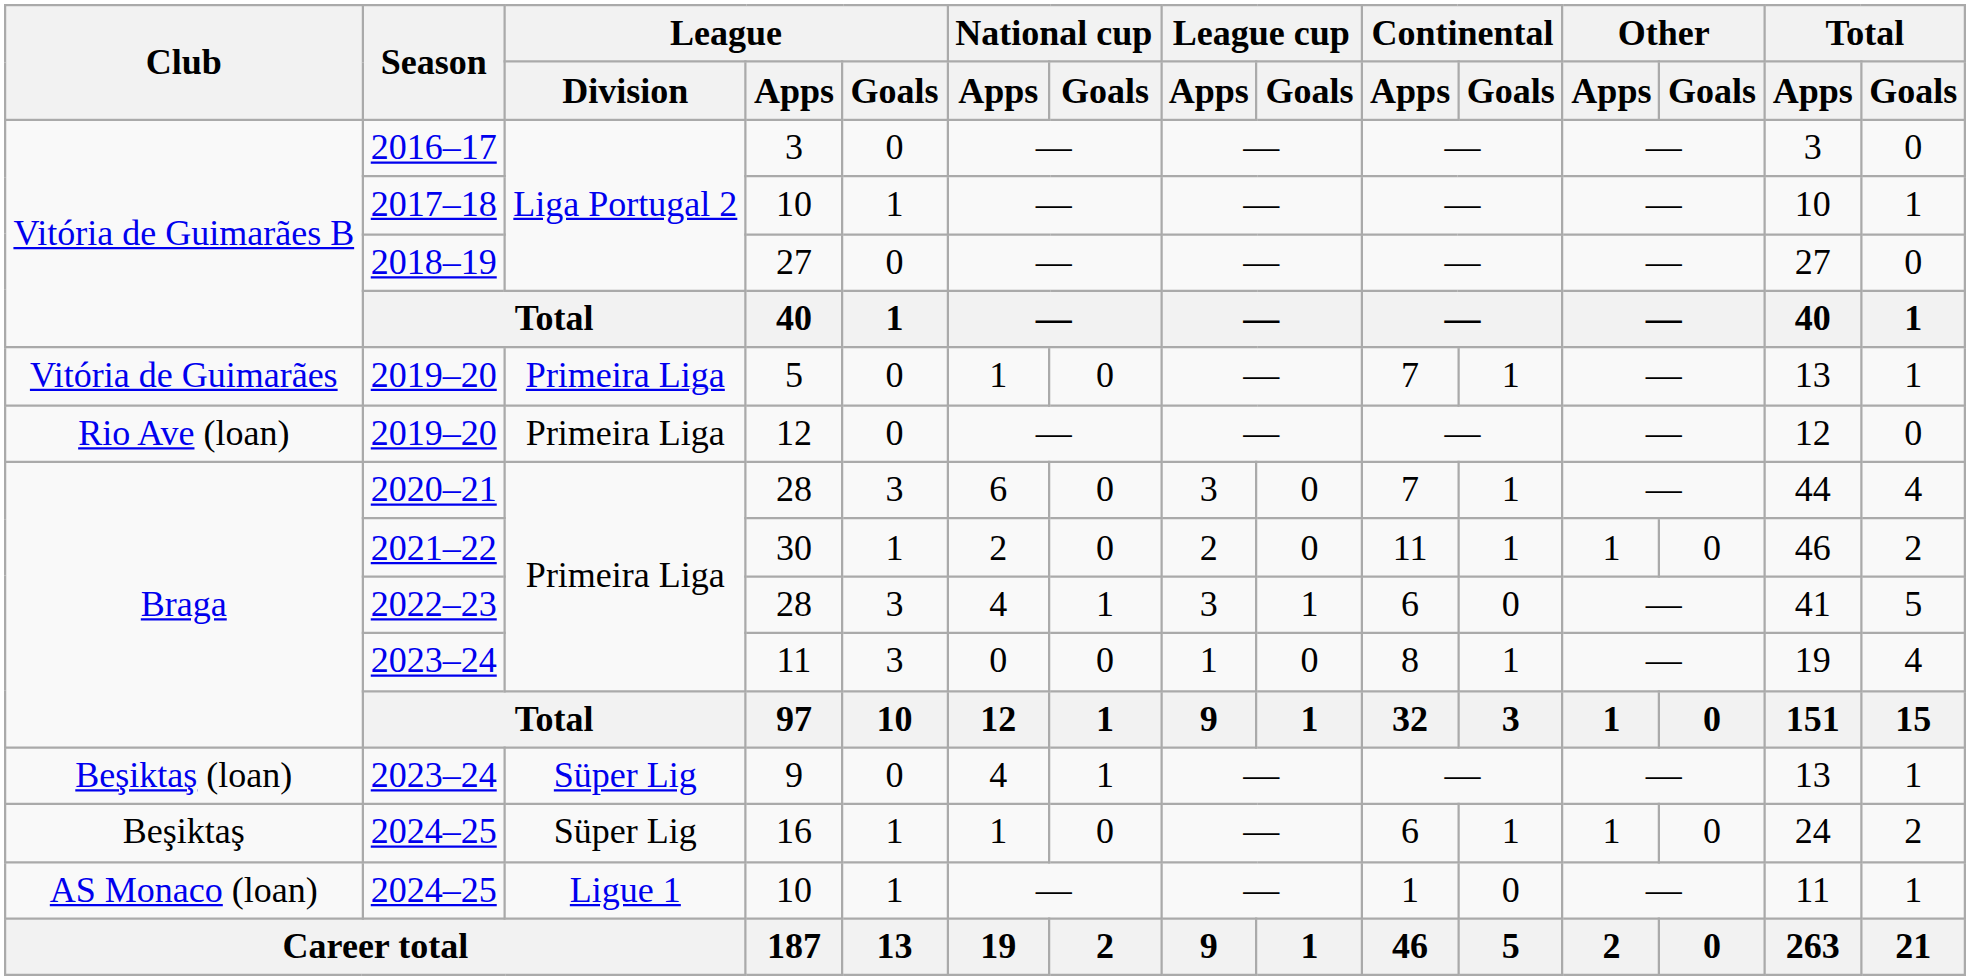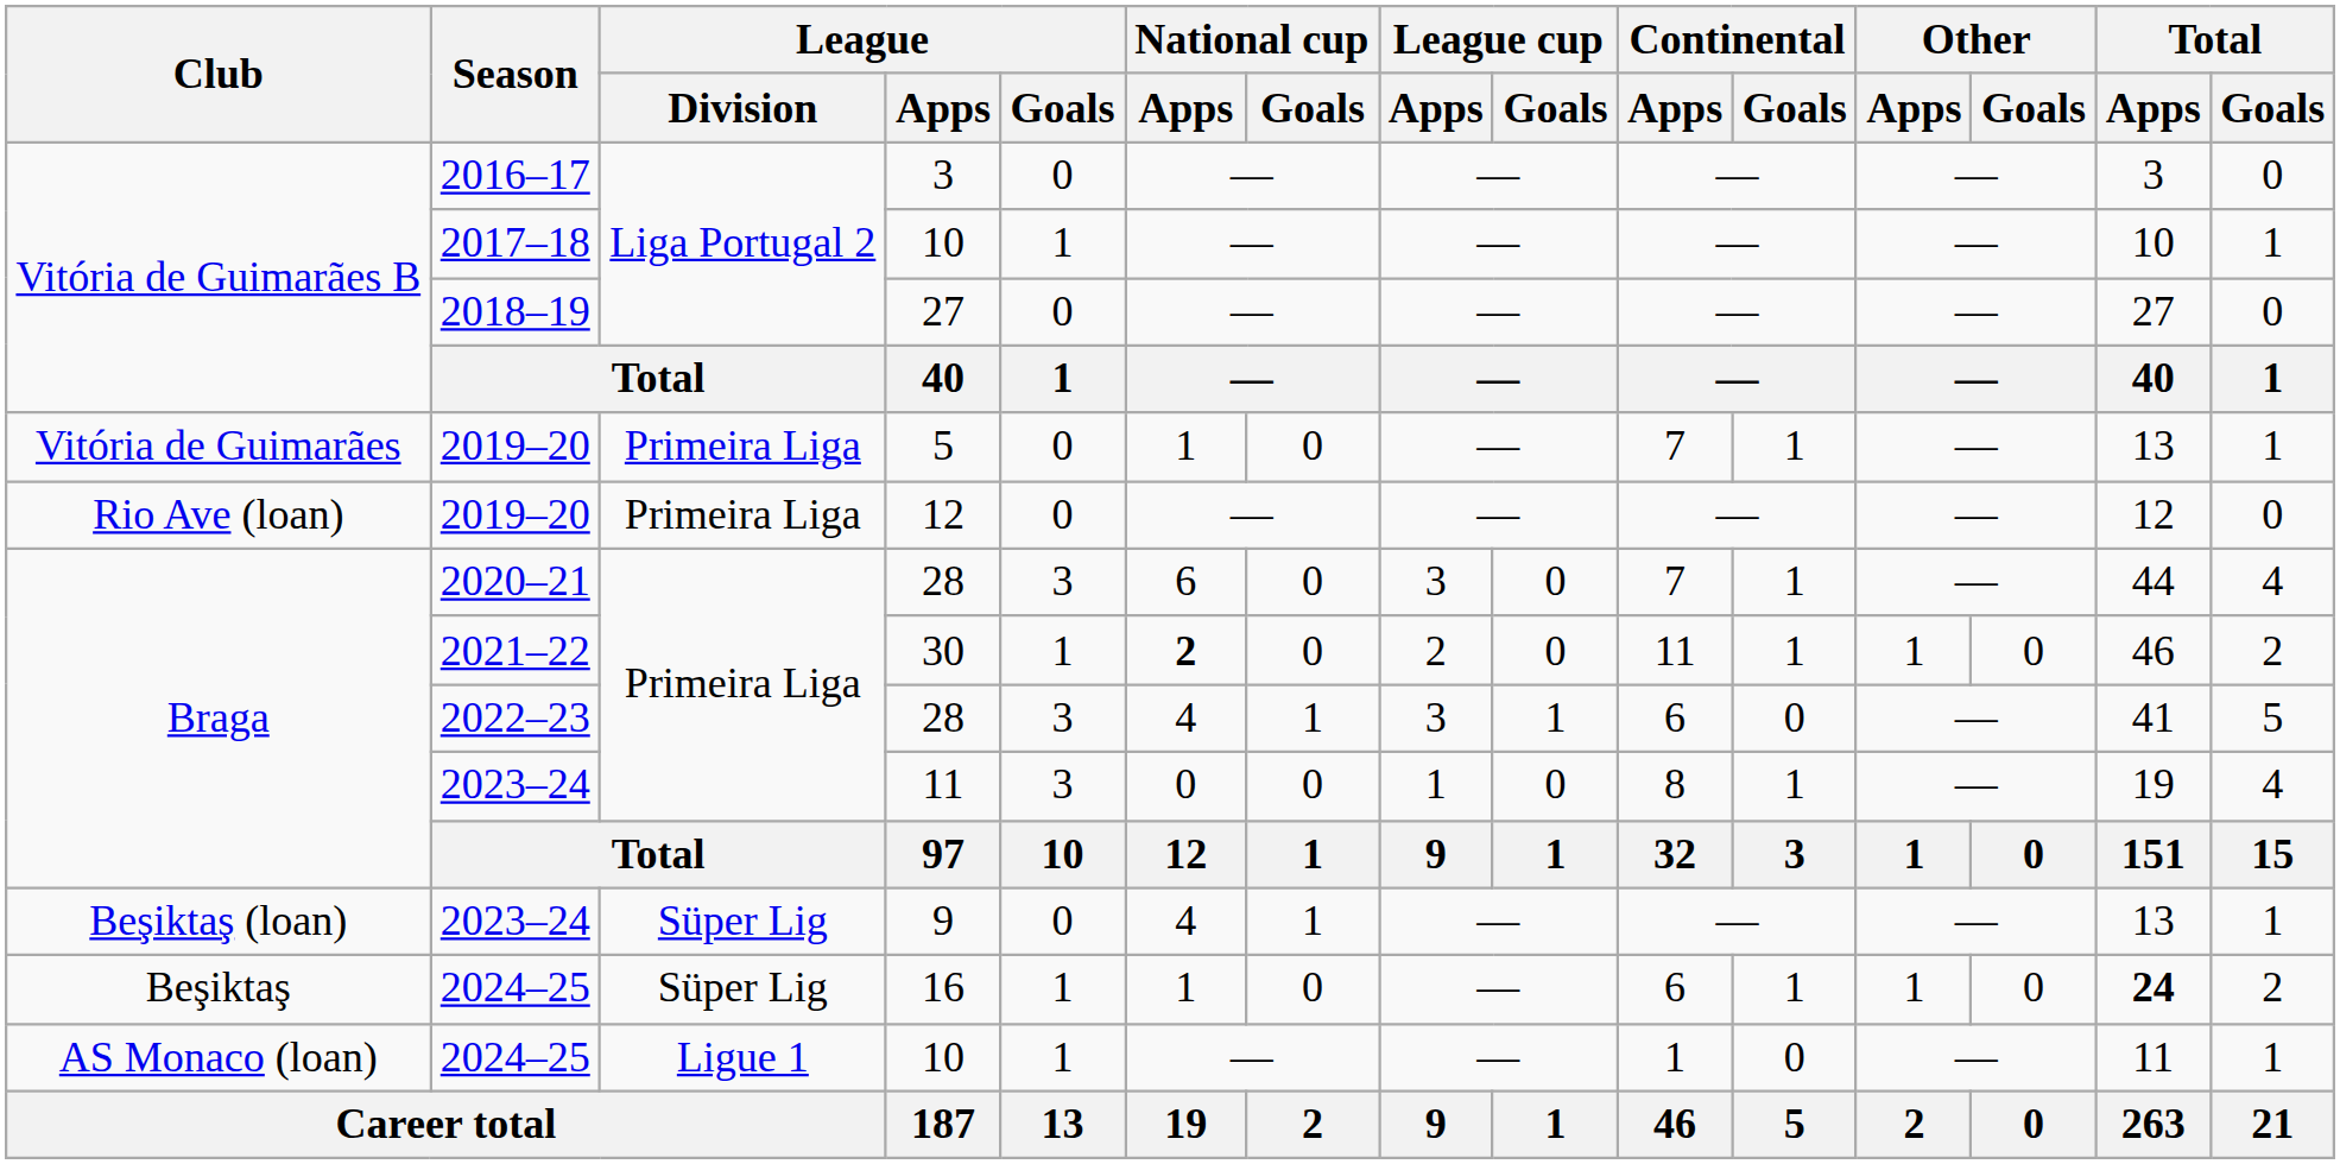 <table class="wikitable" style="text-align: center;">
 <tr>
 <th rowspan="2">Club</th>
 <th rowspan="2">Season</th>
 <th colspan="3">League</th>
 <th colspan="2">National cup</th>
 <th colspan="2">League cup</th>
 <th colspan="2">Continental</th>
 <th colspan="2">Other</th>
 <th colspan="2">Total</th>
 </tr>
 <tr>
 <th>Division</th>
 <th>Apps</th>
 <th>Goals</th>
 <th>Apps</th>
 <th>Goals</th>
 <th>Apps</th>
 <th>Goals</th>
 <th>Apps</th>
 <th>Goals</th>
 <th>Apps</th>
 <th>Goals</th>
 <th>Apps</th>
 <th>Goals</th>
 </tr>
 <tr>
 <td rowspan="4"><a href='#'>Vitória de Guimarães B</a></td>
 <td><a href='#'>2016–17</a></td>
 <td rowspan="3"><a href='#'>Liga Portugal 2</a></td>
 <td>3</td>
 <td>0</td>
 <td colspan="2">—</td>
 <td colspan="2">—</td>
 <td colspan="2">—</td>
 <td colspan="2">—</td>
 <td>3</td>
 <td>0</td>
 </tr>
 <tr>
 <td><a href='#'>2017–18</a></td>
 <td>10</td>
 <td>1</td>
 <td colspan="2">—</td>
 <td colspan="2">—</td>
 <td colspan="2">—</td>
 <td colspan="2">—</td>
 <td>10</td>
 <td>1</td>
 </tr>
 <tr>
 <td><a href='#'>2018–19</a></td>
 <td>27</td>
 <td>0</td>
 <td colspan="2">—</td>
 <td colspan="2">—</td>
 <td colspan="2">—</td>
 <td colspan="2">—</td>
 <td>27</td>
 <td>0</td>
 </tr>
 <tr>
 <th colspan="2">Total</th>
 <th>40</th>
 <th>1</th>
 <th colspan="2">—</th>
 <th colspan="2">—</th>
 <th colspan="2">—</th>
 <th colspan="2">—</th>
 <th>40</th>
 <th>1</th>
 </tr>
 <tr>
 <td><a href='#'>Vitória de Guimarães</a></td>
 <td><a href='#'>2019–20</a></td>
 <td><a href='#'>Primeira Liga</a></td>
 <td>5</td>
 <td>0</td>
 <td>1</td>
 <td>0</td>
 <td colspan="2">—</td>
 <td>7</td>
 <td>1</td>
 <td colspan="2">—</td>
 <td>13</td>
 <td>1</td>
 </tr>
 <tr>
 <td><a href='#'>Rio Ave</a> (loan)</td>
 <td><a href='#'>2019–20</a></td>
 <td>Primeira Liga</td>
 <td>12</td>
 <td>0</td>
 <td colspan="2">—</td>
 <td colspan="2">—</td>
 <td colspan="2">—</td>
 <td colspan="2">—</td>
 <td>12</td>
 <td>0</td>
 </tr>
 <tr>
 <td rowspan="5"><a href='#'>Braga</a></td>
 <td><a href='#'>2020–21</a></td>
 <td rowspan="4">Primeira Liga</td>
 <td>28</td>
 <td>3</td>
 <td>6</td>
 <td>0</td>
 <td>3</td>
 <td>0</td>
 <td>7</td>
 <td>1</td>
 <td colspan="2">—</td>
 <td>44</td>
 <td>4</td>
 </tr>
 <tr>
 <td><a href='#'>2021–22</a></td>
 <td>30</td>
 <td>1</td>
-<td>2</td>
+<td><strong>2</strong></td>
 <td>0</td>
 <td>2</td>
 <td>0</td>
 <td>11</td>
 <td>1</td>
 <td>1</td>
 <td>0</td>
 <td>46</td>
 <td>2</td>
 </tr>
 <tr>
 <td><a href='#'>2022–23</a></td>
 <td>28</td>
 <td>3</td>
 <td>4</td>
 <td>1</td>
 <td>3</td>
 <td>1</td>
 <td>6</td>
 <td>0</td>
 <td colspan="2">—</td>
 <td>41</td>
 <td>5</td>
 </tr>
 <tr>
 <td><a href='#'>2023–24</a></td>
 <td>11</td>
 <td>3</td>
 <td>0</td>
 <td>0</td>
 <td>1</td>
 <td>0</td>
 <td>8</td>
 <td>1</td>
 <td colspan="2">—</td>
 <td>19</td>
 <td>4</td>
 </tr>
 <tr>
 <th colspan="2">Total</th>
 <th>97</th>
 <th>10</th>
 <th>12</th>
 <th>1</th>
 <th>9</th>
 <th>1</th>
 <th>32</th>
 <th>3</th>
 <th>1</th>
 <th>0</th>
 <th>151</th>
 <th>15</th>
 </tr>
 <tr>
 <td><a href='#'>Beşiktaş</a> (loan)</td>
 <td><a href='#'>2023–24</a></td>
 <td><a href='#'>Süper Lig</a></td>
 <td>9</td>
 <td>0</td>
 <td>4</td>
 <td>1</td>
 <td colspan="2">—</td>
 <td colspan="2">—</td>
 <td colspan="2">—</td>
 <td>13</td>
 <td>1</td>
 </tr>
 <tr>
 <td>Beşiktaş</td>
 <td><a href='#'>2024–25</a></td>
 <td>Süper Lig</td>
 <td>16</td>
 <td>1</td>
 <td>1</td>
 <td>0</td>
 <td colspan="2">—</td>
 <td>6</td>
 <td>1</td>
 <td>1</td>
 <td>0</td>
-<td>24</td>
+<td><strong>24</strong></td>
 <td>2</td>
 </tr>
 <tr>
 <td><a href='#'>AS Monaco</a> (loan)</td>
 <td><a href='#'>2024–25</a></td>
 <td><a href='#'>Ligue 1</a></td>
 <td>10</td>
 <td>1</td>
 <td colspan="2">—</td>
 <td colspan="2">—</td>
 <td>1</td>
 <td>0</td>
 <td colspan="2">—</td>
 <td>11</td>
 <td>1</td>
 </tr>
 <tr>
 <th colspan="3">Career total</th>
 <th>187</th>
 <th>13</th>
 <th>19</th>
 <th>2</th>
 <th>9</th>
 <th>1</th>
 <th>46</th>
 <th>5</th>
 <th>2</th>
 <th>0</th>
 <th>263</th>
 <th>21</th>
 </tr>
 </table>
